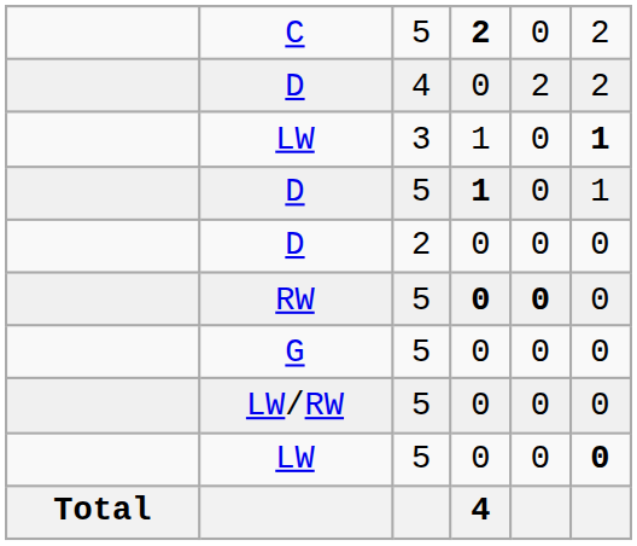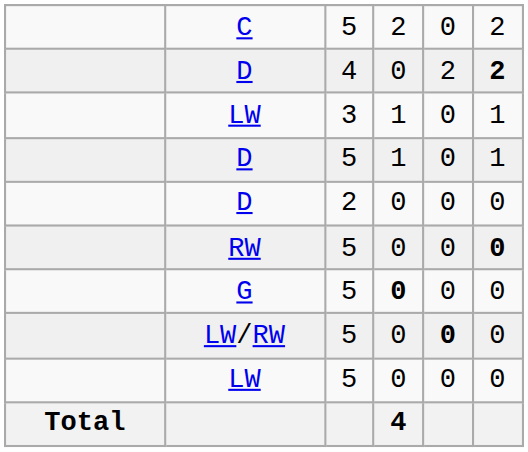 <table class="wikitable sortable" width ="40%">
 <tr align="center">
 </tr>
 <tr align="center" bgcolor="">
 <td></td>
 <td><a href='#'>C</a></td>
 <td>5</td>
-<td><strong>2</strong></td>
+<td>2</td>
 <td>0</td>
 <td>2</td>
 </tr>
 <tr align="center" bgcolor="f0f0f0">
 <td></td>
 <td><a href='#'>D</a></td>
 <td>4</td>
 <td>0</td>
 <td>2</td>
-<td>2</td>
+<td><strong>2</strong></td>
 </tr>
 <tr align="center" bgcolor="">
 <td></td>
 <td><a href='#'>LW</a></td>
 <td>3</td>
 <td>1</td>
 <td>0</td>
-<td><strong>1</strong></td>
+<td>1</td>
 </tr>
 <tr align="center" bgcolor="f0f0f0">
 <td></td>
 <td><a href='#'>D</a></td>
 <td>5</td>
-<td><strong>1</strong></td>
+<td>1</td>
 <td>0</td>
 <td>1</td>
 </tr>
 <tr align="center" bgcolor="">
 <td></td>
 <td><a href='#'>D</a></td>
 <td>2</td>
 <td>0</td>
 <td>0</td>
 <td>0</td>
 </tr>
 <tr align="center" bgcolor="f0f0f0">
 <td></td>
 <td><a href='#'>RW</a></td>
 <td>5</td>
+<td>0</td>
+<td>0</td>
 <td><strong>0</strong></td>
-<td><strong>0</strong></td>
-<td>0</td>
 </tr>
 <tr align="center" bgcolor="">
 <td></td>
 <td><a href='#'>G</a></td>
 <td>5</td>
-<td>0</td>
+<td><strong>0</strong></td>
 <td>0</td>
 <td>0</td>
 </tr>
 <tr align="center" bgcolor="f0f0f0">
 <td></td>
 <td><a href='#'>LW</a>/<a href='#'>RW</a></td>
 <td>5</td>
 <td>0</td>
-<td>0</td>
+<td><strong>0</strong></td>
 <td>0</td>
 </tr>
 <tr align="center" bgcolor="">
 <td></td>
 <td><a href='#'>LW</a></td>
 <td>5</td>
 <td>0</td>
 <td>0</td>
-<td><strong>0</strong></td>
+<td>0</td>
 </tr>
 <tr>
 <th>Total</th>
 <th></th>
 <th></th>
 <th>4</th>
 <th></th>
 <th></th>
 </tr>
 </table>
